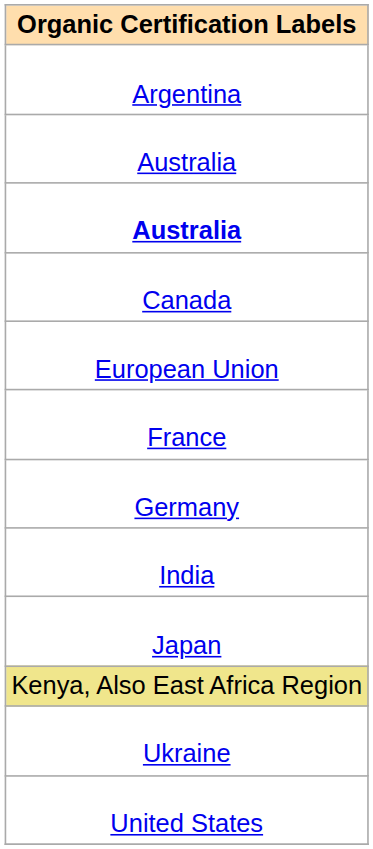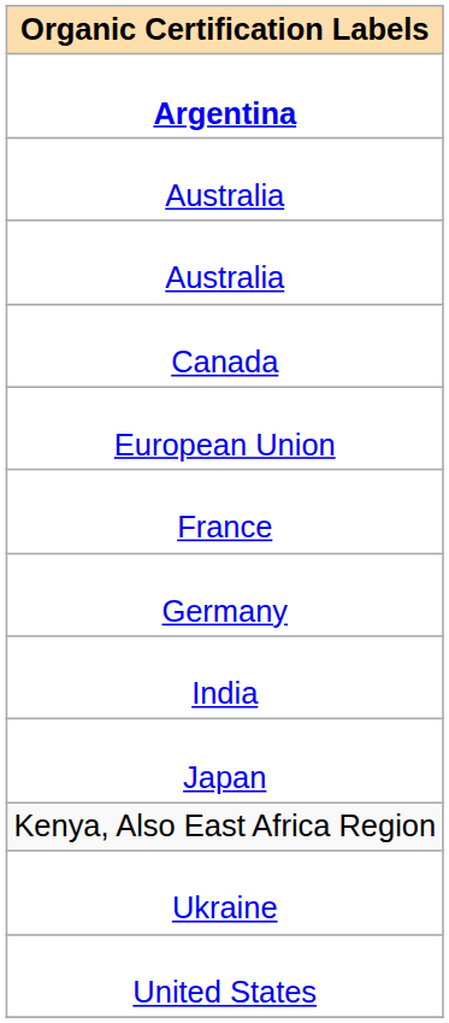 <table class="wikitable" | border="1" cellpadding="5" cellspacing="0" align="right" style="margin:auto">
 <tr>
 <th style="background:#ffdead;">Organic Certification Labels</th>
 </tr>
 <tr>
-<td style="text-align:center; background:#ffffff;"><br><a href='#'>Argentina</a></td>
+<td style="text-align:center; background:#ffffff;"><strong><br><a href='#'>Argentina</a></strong></td>
 </tr>
 <tr>
 <td style="text-align:center; background:#ffffff;"><br><a href='#'>Australia</a></td>
 </tr>
 <tr>
-<td style="text-align:center; background:#ffffff;"><strong><br><a href='#'>Australia</a><br></strong></td>
+<td style="text-align:center; background:#ffffff;"><br><a href='#'>Australia</a><br></td>
 </tr>
 <tr>
 <td style="text-align:center; background:#ffffff;"><br><a href='#'>Canada</a></td>
 </tr>
 <tr>
 <td style="text-align:center; background:#ffffff;"><br><a href='#'>European Union</a></td>
 </tr>
 <tr>
 <td style="text-align:center; background:#ffffff;"><br><a href='#'>France</a></td>
 </tr>
 <tr>
 <td style="text-align:center; background:#ffffff;"><br><a href='#'>Germany</a></td>
 </tr>
 <tr>
 <td style="text-align:center; background:#ffffff;"><br><a href='#'>India</a></td>
 </tr>
 <tr>
 <td style="text-align:center; background:#ffffff;"><br><a href='#'>Japan</a></td>
 </tr>
 <tr>
-<td style="background: khaki;">Kenya, Also East Africa Region</td>
+<td>Kenya, Also East Africa Region</td>
 </tr>
 <tr>
 <td style="text-align:center; background:#ffffff;"><br><a href='#'>Ukraine</a></td>
 </tr>
 <tr>
 <td style="text-align:center; background:#ffffff;"><br><a href='#'>United States</a></td>
 </tr>
 <tr>
 </tr>
 </table>
